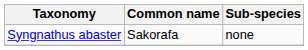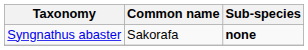 <table class="wikitable">
 <tr>
 <th>Taxonomy</th>
 <th>Common name</th>
 <th>Sub-species</th>
 </tr>
 <tr>
 <td><a href='#'>Syngnathus abaster</a></td>
 <td>Sakorafa</td>
-<td>none</td>
+<td><strong>none</strong></td>
 </tr>
 <tr>
 </tr>
 </table>
